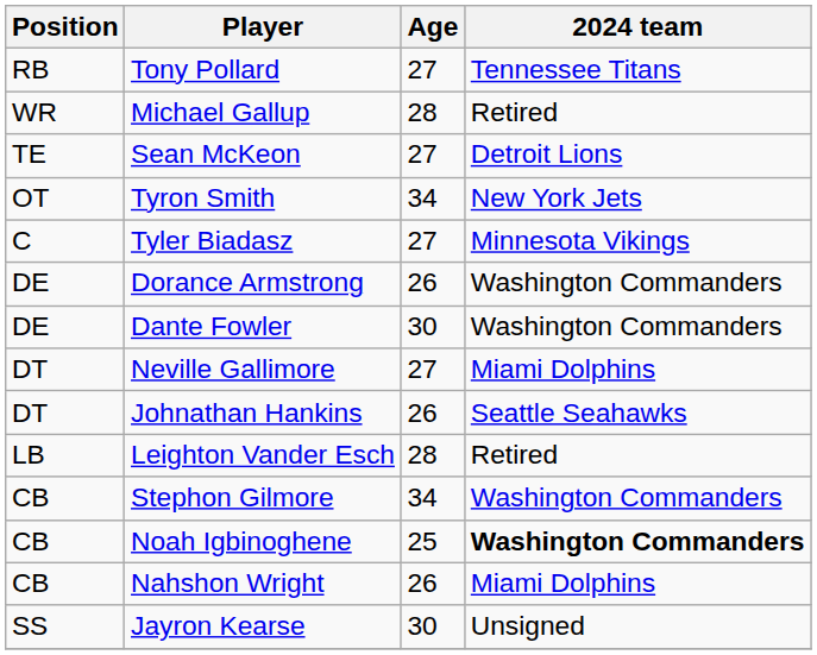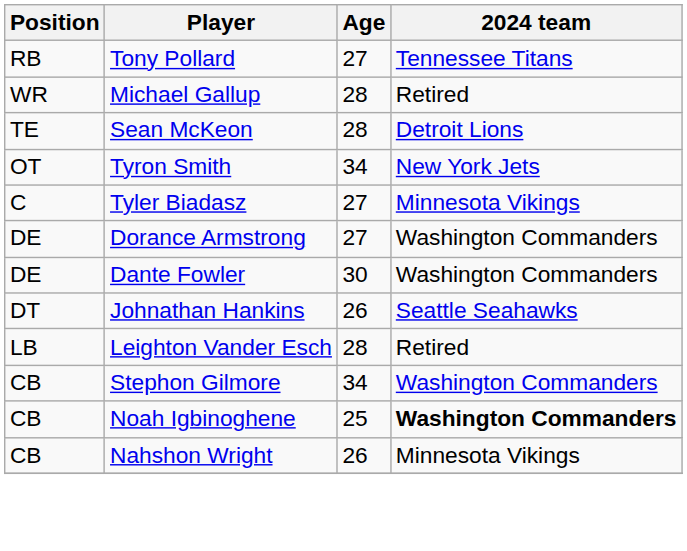 <table class="wikitable">
 <tr>
 <th>Position</th>
 <th>Player</th>
 <th>Age</th>
 <th>2024 team</th>
 </tr>
 <tr>
 <td>RB</td>
 <td><a href='#'>Tony Pollard</a></td>
 <td>27</td>
 <td><a href='#'>Tennessee Titans</a></td>
 </tr>
 <tr>
 <td>WR</td>
 <td><a href='#'>Michael Gallup</a></td>
 <td>28</td>
 <td>Retired</td>
 </tr>
 <tr>
 <td>TE</td>
 <td><a href='#'>Sean McKeon</a></td>
-<td>27</td>
+<td>28</td>
 <td><a href='#'>Detroit Lions</a></td>
 </tr>
 <tr>
 <td>OT</td>
 <td><a href='#'>Tyron Smith</a></td>
 <td>34</td>
 <td><a href='#'>New York Jets</a></td>
 </tr>
 <tr>
 <td>C</td>
 <td><a href='#'>Tyler Biadasz</a></td>
 <td>27</td>
 <td><a href='#'>Minnesota Vikings</a></td>
 </tr>
 <tr>
 <td>DE</td>
 <td><a href='#'>Dorance Armstrong</a></td>
-<td>26</td>
+<td>27</td>
 <td>Washington Commanders</td>
 </tr>
 <tr>
 <td>DE</td>
 <td><a href='#'>Dante Fowler</a></td>
 <td>30</td>
 <td>Washington Commanders</td>
-</tr>
-<tr>
-<td>DT</td>
-<td><a href='#'>Neville Gallimore</a></td>
-<td>27</td>
-<td><a href='#'>Miami Dolphins</a></td>
 </tr>
 <tr>
 <td>DT</td>
 <td><a href='#'>Johnathan Hankins</a></td>
 <td>26</td>
 <td><a href='#'>Seattle Seahawks</a></td>
 </tr>
 <tr>
 <td>LB</td>
 <td><a href='#'>Leighton Vander Esch</a></td>
 <td>28</td>
 <td>Retired</td>
 </tr>
 <tr>
 <td>CB</td>
 <td><a href='#'>Stephon Gilmore</a></td>
 <td>34</td>
 <td><a href='#'>Washington Commanders</a></td>
 </tr>
 <tr>
 <td>CB</td>
 <td><a href='#'>Noah Igbinoghene</a></td>
 <td>25</td>
 <td><strong>Washington Commanders</strong></td>
 </tr>
 <tr>
 <td>CB</td>
 <td><a href='#'>Nahshon Wright</a></td>
 <td>26</td>
-<td><a href='#'>Miami Dolphins</a></td>
-</tr>
-<tr>
-<td>SS</td>
-<td><a href='#'>Jayron Kearse</a></td>
-<td>30</td>
-<td>Unsigned</td>
+<td>Minnesota Vikings</td>
 </tr>
 <tr>
 </tr>
 </table>
